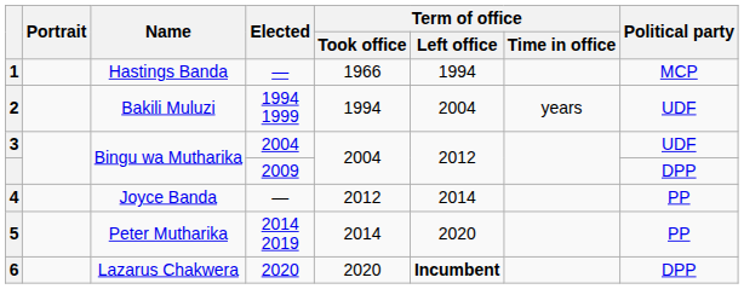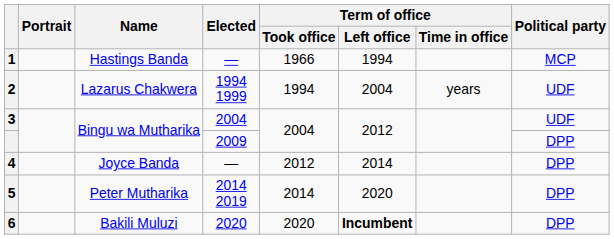 <table class="wikitable" style="text-align:center">
 <tr>
 <th rowspan="2"></th>
 <th rowspan="2">Portrait</th>
 <th rowspan="2">Name<br></th>
 <th rowspan="2">Elected</th>
 <th colspan="3">Term of office</th>
 <th rowspan="2">Political party</th>
 </tr>
 <tr>
 <th>Took office</th>
 <th>Left office</th>
 <th>Time in office</th>
 </tr>
 <tr>
 <th style="background:">1</th>
 <td></td>
 <td><a href='#'>Hastings Banda</a><br></td>
 <td><a href='#'>—</a></td>
 <td> 1966</td>
 <td> 1994</td>
 <td></td>
 <td><a href='#'>MCP</a></td>
 </tr>
 <tr>
 <th style="background:">2</th>
 <td></td>
-<td><a href='#'>Bakili Muluzi</a><br></td>
+<td><a href='#'>Lazarus Chakwera</a><br></td>
 <td><a href='#'>1994</a><br><a href='#'>1999</a></td>
 <td> 1994</td>
 <td> 2004</td>
 <td> years</td>
 <td><a href='#'>UDF</a></td>
 </tr>
 <tr>
 <th style="background:">3</th>
 <td rowspan="2"></td>
 <td rowspan="2"><a href='#'>Bingu wa Mutharika</a><br></td>
 <td><a href='#'>2004</a></td>
 <td rowspan="2"> 2004</td>
 <td rowspan="2"> 2012</td>
 <td rowspan="2"></td>
 <td><a href='#'>UDF</a><br></td>
 </tr>
 <tr>
 <th style="background:"></th>
 <td><a href='#'>2009</a></td>
 <td><a href='#'>DPP</a></td>
 </tr>
 <tr>
 <th style="background:">4</th>
 <td></td>
 <td><a href='#'>Joyce Banda</a><br></td>
 <td>—</td>
 <td> 2012</td>
 <td> 2014</td>
 <td></td>
-<td><a href='#'>PP</a></td>
+<td><a href='#'>DPP</a></td>
 </tr>
 <tr>
 <th style="background:">5</th>
 <td></td>
 <td><a href='#'>Peter Mutharika</a><br></td>
 <td><a href='#'>2014</a><br><a href='#'>2019</a></td>
 <td> 2014</td>
 <td> 2020</td>
 <td></td>
-<td><a href='#'>PP</a></td>
+<td><a href='#'>DPP</a></td>
 </tr>
 <tr>
 <th style="background:">6</th>
 <td></td>
-<td><a href='#'>Lazarus Chakwera</a><br></td>
+<td><a href='#'>Bakili Muluzi</a><br></td>
 <td><a href='#'>2020</a></td>
 <td> 2020</td>
 <td><strong>Incumbent</strong></td>
 <td></td>
 <td><a href='#'>DPP</a></td>
 </tr>
 </table>
